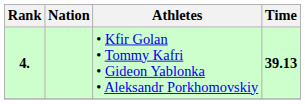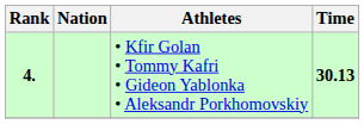 <table class="wikitable" style="text-align:center">
 <tr>
 <th>Rank</th>
 <th>Nation</th>
 <th>Athletes</th>
 <th>Time</th>
 </tr>
 <tr style="background:#ccffcc;">
 <td><strong>4.</strong></td>
 <td align=left></td>
 <td align=left>• <a href='#'>Kfir Golan</a><br>• <a href='#'>Tommy Kafri</a><br>• <a href='#'>Gideon Yablonka</a><br>• <a href='#'>Aleksandr Porkhomovskiy</a></td>
-<td><strong>39.13</strong></td>
+<td><strong>30.13</strong></td>
 </tr>
 <tr>
 </tr>
 </table>
